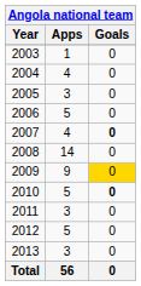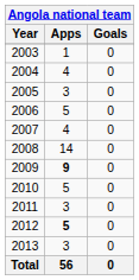 <table class="wikitable" style="text-align:center">
 <tr>
 <th colspan=3><a href='#'>Angola national team</a></th>
 </tr>
 <tr>
 <th>Year</th>
 <th>Apps</th>
 <th>Goals</th>
 </tr>
 <tr>
 </tr>
 <tr>
 <td>2003</td>
 <td>1</td>
 <td>0</td>
 </tr>
 <tr>
 <td>2004</td>
 <td>4</td>
 <td>0</td>
 </tr>
 <tr>
 <td>2005</td>
 <td>3</td>
 <td>0</td>
 </tr>
 <tr>
 <td>2006</td>
 <td>5</td>
 <td>0</td>
 </tr>
 <tr>
 <td>2007</td>
 <td>4</td>
-<td><strong>0</strong></td>
+<td>0</td>
 </tr>
 <tr>
 <td>2008</td>
 <td>14</td>
 <td>0</td>
 </tr>
 <tr>
 <td>2009</td>
-<td>9</td>
-<td style="background: gold;">0</td>
+<td><strong>9</strong></td>
+<td>0</td>
 </tr>
 <tr>
 <td>2010</td>
 <td>5</td>
-<td><strong>0</strong></td>
+<td>0</td>
 </tr>
 <tr>
 <td>2011</td>
 <td>3</td>
 <td>0</td>
 </tr>
 <tr>
 <td>2012</td>
-<td>5</td>
+<td><strong>5</strong></td>
 <td>0</td>
 </tr>
 <tr>
 <td>2013</td>
 <td>3</td>
 <td>0</td>
 </tr>
 <tr>
 <th>Total</th>
 <th>56</th>
 <th>0</th>
 </tr>
 </table>
